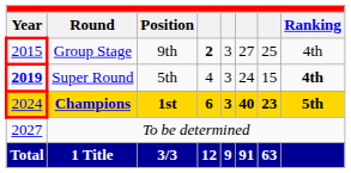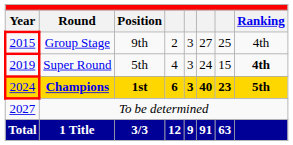 <table class="wikitable" style="text-align: center;">
 <tr>
 <th style="background:#FE0000;" colspan="8"><a href='#'></a></th>
 </tr>
 <tr>
 <th>Year</th>
 <th>Round</th>
 <th>Position</th>
 <th></th>
 <th></th>
 <th></th>
 <th></th>
 <th><a href='#'>Ranking</a></th>
 </tr>
 <tr>
 <td style="border: 3px solid red">  <a href='#'>2015</a></td>
 <td><a href='#'>Group Stage</a></td>
 <td>9th</td>
-<td><strong>2</strong></td>
+<td>2</td>
 <td>3</td>
 <td>27</td>
 <td>25</td>
 <td>4th</td>
 </tr>
 <tr>
-<td style="border: 3px solid red"><strong>  <a href='#'>2019</a></strong></td>
+<td style="border: 3px solid red">  <a href='#'>2019</a></td>
 <td><a href='#'>Super Round</a></td>
 <td>5th</td>
 <td>4</td>
 <td>3</td>
 <td>24</td>
 <td>15</td>
 <td><strong>4th</strong></td>
 </tr>
 <tr style="background:Gold;">
 <td style="border: 3px solid red">   <a href='#'>2024</a></td>
 <td><strong><a href='#'>Champions</a></strong></td>
 <td><strong>1st</strong></td>
 <td><strong>6</strong></td>
 <td><strong>3</strong></td>
 <td><strong>40</strong></td>
 <td><strong>23</strong></td>
 <td><strong>5th</strong></td>
 </tr>
 <tr>
 <td><a href='#'>2027</a></td>
 <td colspan="7"><em>To be determined</em></td>
 </tr>
 <tr>
 <th style="color:white; background:#000096;">Total</th>
 <th style="color:white; background:#000096;">1 Title</th>
 <th style="color:white; background:#000096;">3/3</th>
 <th style="color:white; background:#000096;">12</th>
 <th style="color:white; background:#000096;">9</th>
 <th style="color:white; background:#000096;">91</th>
 <th style="color:white; background:#000096;">63</th>
 <th style="color:white; background:#000096;"></th>
 </tr>
 </table>
